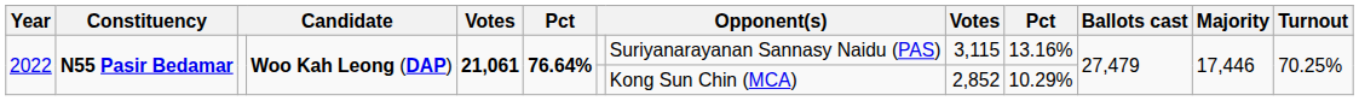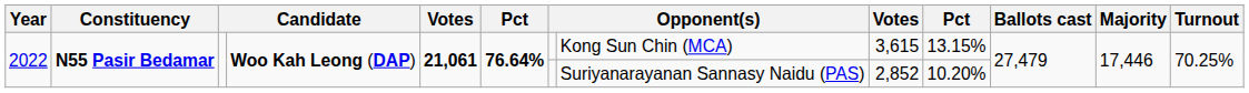 <table class="wikitable" style="margin:0.5em ; font-size:95%">
 <tr>
 <th>Year</th>
 <th>Constituency</th>
 <th colspan="2">Candidate</th>
 <th>Votes</th>
 <th>Pct</th>
 <th colspan="2">Opponent(s)</th>
 <th>Votes</th>
 <th>Pct</th>
 <th>Ballots cast</th>
 <th>Majority</th>
 <th>Turnout</th>
 </tr>
 <tr>
 <td rowspan="2"><a href='#'>2022</a></td>
 <td rowspan="2"><strong>N55 <a href='#'>Pasir Bedamar</a></strong></td>
 <td rowspan="2"  ></td>
 <td rowspan="2"><strong>Woo Kah Leong</strong> (<a href='#'><strong>DAP</strong></a>)</td>
 <td rowspan="2" align=right><strong>21,061</strong></td>
 <td rowspan="2"><strong>76.64%</strong></td>
 <td></td>
-<td>Suriyanarayanan Sannasy Naidu (<a href='#'>PAS</a>)</td>
-<td align=right>3,115</td>
-<td>13.16%</td>
+<td>Kong Sun Chin (<a href='#'>MCA</a>)</td>
+<td align=right>3,615</td>
+<td>13.15%</td>
 <td rowspan="2">27,479</td>
 <td rowspan="2">17,446</td>
 <td rowspan="2">70.25%</td>
 </tr>
 <tr>
 <td bgcolor=></td>
-<td>Kong Sun Chin (<a href='#'>MCA</a>)</td>
+<td>Suriyanarayanan Sannasy Naidu (<a href='#'>PAS</a>)</td>
 <td align=right>2,852</td>
-<td>10.29%</td>
+<td>10.20%</td>
 </tr>
 </table>
